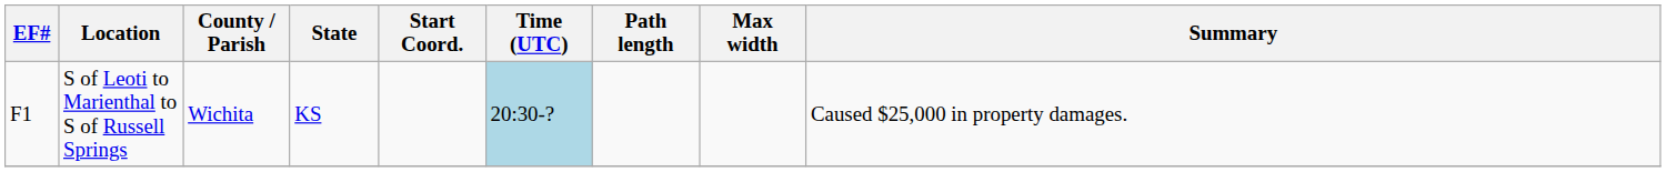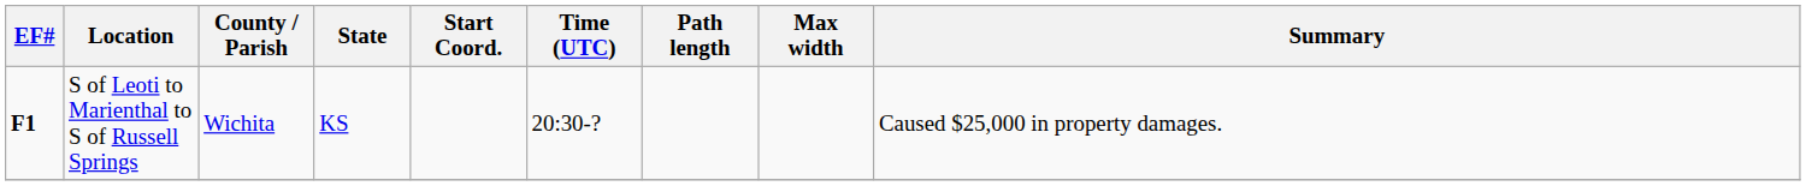 <table class="wikitable sortable" style="width:100%;">
 <tr>
 <th scope="col"  style="width:3%; text-align:center;"><a href='#'>EF#</a></th>
 <th scope="col"  style="width:7%; text-align:center;" class="unsortable">Location</th>
 <th scope="col"  style="width:6%; text-align:center;" class="unsortable">County / Parish</th>
 <th scope="col"  style="width:5%; text-align:center;">State</th>
 <th scope="col"  style="width:6%; text-align:center;">Start Coord.</th>
 <th scope="col"  style="width:6%; text-align:center;">Time (<a href='#'>UTC</a>)</th>
 <th scope="col"  style="width:6%; text-align:center;">Path length</th>
 <th scope="col"  style="width:6%; text-align:center;">Max width</th>
 <th scope="col" class="unsortable" style="width:48%; text-align:center;">Summary</th>
 </tr>
 <tr>
-<td bgcolor=>F1</td>
+<td bgcolor=><strong>F1</strong></td>
 <td>S of <a href='#'>Leoti</a> to <a href='#'>Marienthal</a> to S of <a href='#'>Russell Springs</a></td>
 <td><a href='#'>Wichita</a></td>
 <td><a href='#'>KS</a></td>
 <td></td>
-<td style="background: lightblue;">20:30-?</td>
+<td>20:30-?</td>
 <td></td>
 <td></td>
 <td>Caused $25,000 in property damages.</td>
 </tr>
 <tr>
 </tr>
 </table>
